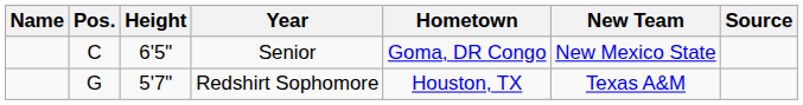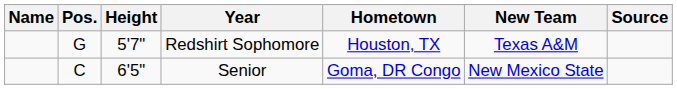 <table class="wikitable sortable" border="1">
 <tr>
 <th style="text-align:center; ">Name</th>
 <th style="text-align:center; ">Pos.</th>
 <th style="text-align:center; ">Height</th>
 <th style="text-align:center; ">Year</th>
 <th style="text-align:center; ">Hometown</th>
 <th style="text-align:center; ">New Team</th>
 <th style="text-align:center; ">Source</th>
 </tr>
 <tr align="center">
 <td></td>
+<td>G</td>
+<td>5'7"</td>
+<td>Redshirt Sophomore</td>
+<td><a href='#'>Houston, TX</a></td>
+<td><a href='#'>Texas A&M</a></td>
+<td></td>
+</tr>
+<tr align="center">
+<td></td>
 <td>C</td>
 <td>6'5"</td>
 <td>Senior</td>
 <td><a href='#'>Goma, DR Congo</a></td>
 <td><a href='#'>New Mexico State</a></td>
 <td></td>
 </tr>
-<tr align="center">
-<td></td>
-<td>G</td>
-<td>5'7"</td>
-<td>Redshirt Sophomore</td>
-<td><a href='#'>Houston, TX</a></td>
-<td><a href='#'>Texas A&M</a></td>
-<td></td>
-</tr>
 </table>
